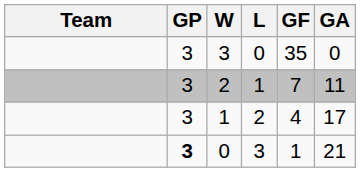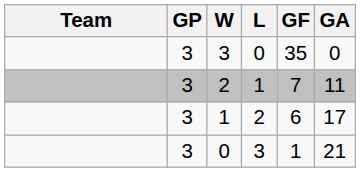 <table class="wikitable" style="text-align:center">
 <tr>
 <th width="120">Team</th>
 <th width="20">GP</th>
 <th width="20">W</th>
 <th width="20">L</th>
 <th width="20">GF</th>
 <th width="20">GA</th>
 </tr>
 <tr>
 <td align=left></td>
 <td>3</td>
 <td>3</td>
 <td>0</td>
 <td>35</td>
 <td>0</td>
 </tr>
 <tr bgcolor="silver">
 <td align=left> </td>
 <td>3</td>
 <td>2</td>
 <td>1</td>
 <td>7</td>
 <td>11</td>
 </tr>
 <tr>
 <td align=left></td>
 <td>3</td>
 <td>1</td>
 <td>2</td>
-<td>4</td>
+<td>6</td>
 <td>17</td>
 </tr>
 <tr>
 <td align=left></td>
-<td><strong>3</strong></td>
+<td>3</td>
 <td>0</td>
 <td>3</td>
 <td>1</td>
 <td>21</td>
 </tr>
 </table>
